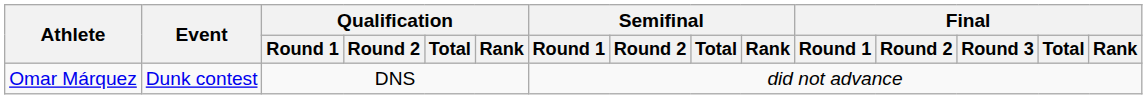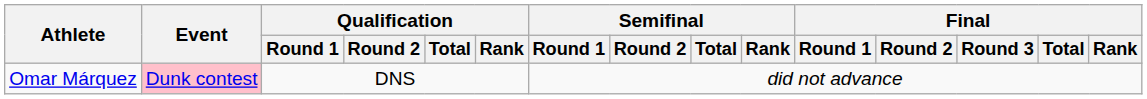 <table class="wikitable" style="text-align:center;font-size:90%">
 <tr>
 <th rowspan=2>Athlete</th>
 <th rowspan=2>Event</th>
 <th colspan=4>Qualification</th>
 <th colspan=4>Semifinal</th>
 <th colspan=5>Final</th>
 </tr>
 <tr style="font-size:95%">
 <th>Round 1</th>
 <th>Round 2</th>
 <th>Total</th>
 <th>Rank</th>
 <th>Round 1</th>
 <th>Round 2</th>
 <th>Total</th>
 <th>Rank</th>
 <th>Round 1</th>
 <th>Round 2</th>
 <th>Round 3</th>
 <th>Total</th>
 <th>Rank</th>
 </tr>
 <tr>
 <td align=left><a href='#'>Omar Márquez</a></td>
-<td align=left><a href='#'>Dunk contest</a></td>
+<td align=left style="background: pink;"><a href='#'>Dunk contest</a></td>
 <td Colspan=4>DNS</td>
 <td colspan=9><em>did not advance</em></td>
 </tr>
 </table>
